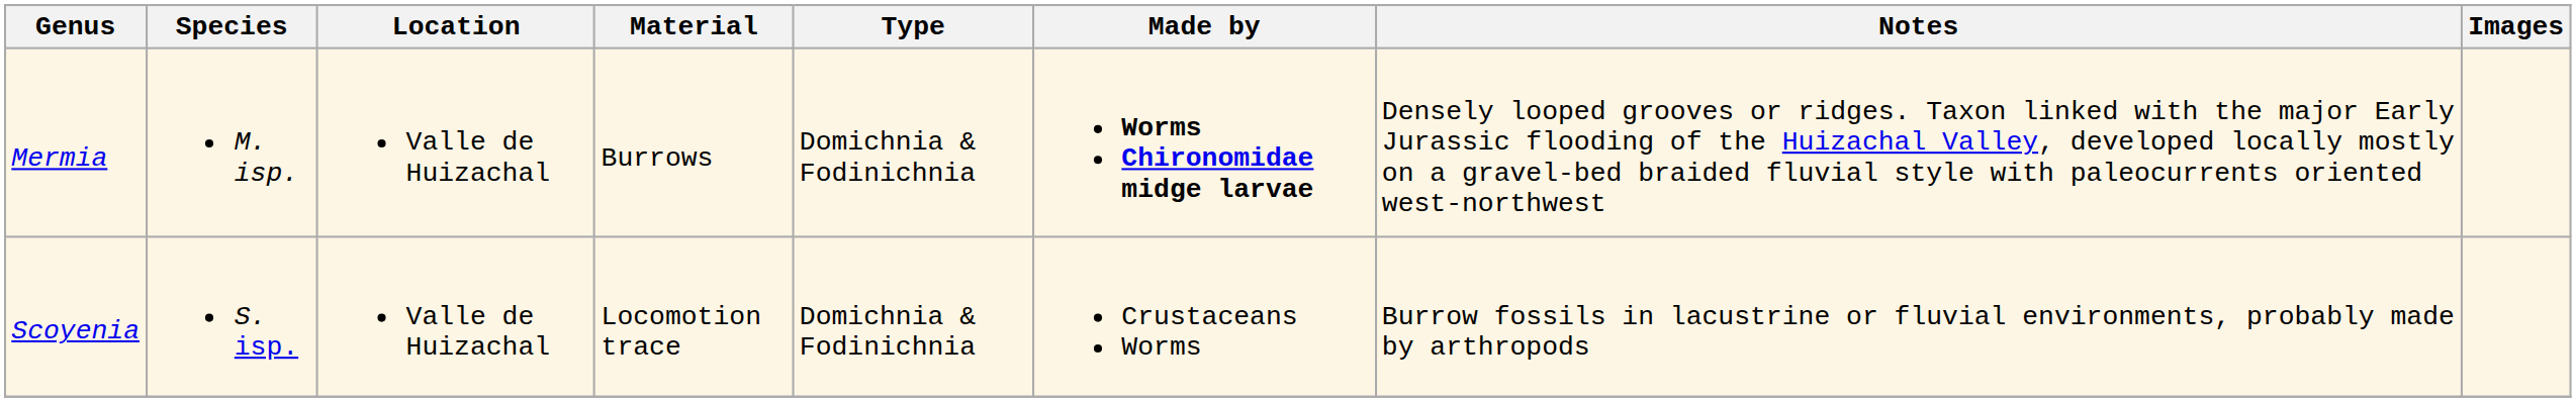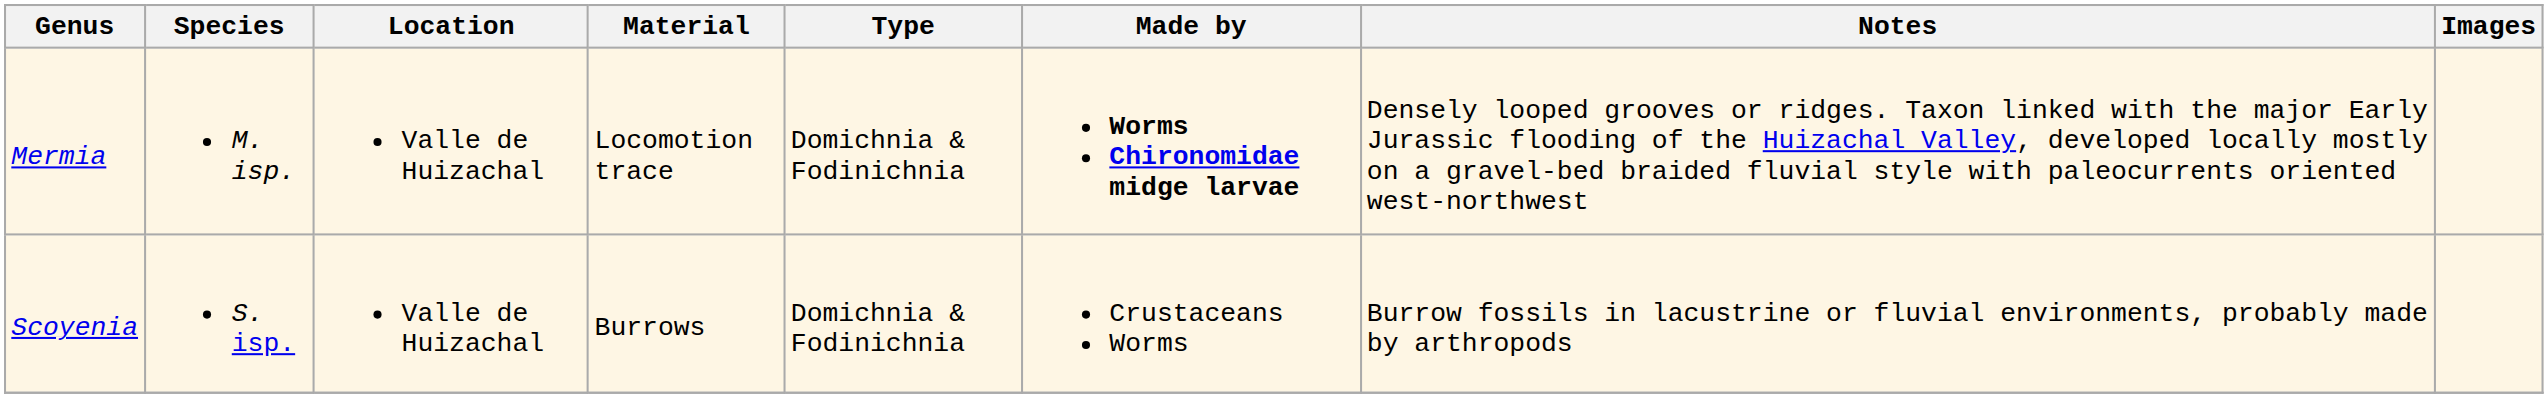 <table class = "wikitable">
 <tr>
 <th>Genus</th>
 <th>Species</th>
 <th>Location</th>
 <th>Material</th>
 <th>Type</th>
 <th>Made by</th>
 <th>Notes</th>
 <th>Images</th>
 </tr>
 <tr>
 <td style="background:#FEF6E4;"><br><em><a href='#'>Mermia</a></em></td>
 <td style="background:#FEF6E4;"><br><ul><li><em>M. isp.</em></li></ul></td>
 <td style="background:#FEF6E4;"><br><ul><li>Valle de Huizachal</li></ul></td>
-<td style="background:#FEF6E4;"><br>Burrows</td>
+<td style="background:#FEF6E4;"><br>Locomotion trace</td>
 <td style="background:#FEF6E4;"><br>Domichnia & Fodinichnia</td>
 <td style="background:#FEF6E4;"><strong><br><ul><li>Worms</li><li><a href='#'>Chironomidae</a> midge larvae</li></ul></strong></td>
 <td style="background:#FEF6E4;"><br>Densely looped grooves or ridges. Taxon linked with the major Early Jurassic flooding of the <a href='#'>Huizachal Valley</a>, developed locally mostly on a gravel-bed braided fluvial style with paleocurrents oriented west-northwest</td>
 <td style="background:#FEF6E4;"></td>
 </tr>
 <tr>
 <td style="background:#FEF6E4;"><br><em><a href='#'>Scoyenia</a></em></td>
 <td style="background:#FEF6E4;"><br><ul><li><em>S.</em> <a href='#'>isp.</a></li></ul></td>
 <td style="background:#FEF6E4;"><br><ul><li>Valle de Huizachal</li></ul></td>
-<td style="background:#FEF6E4;"><br>Locomotion trace</td>
+<td style="background:#FEF6E4;"><br>Burrows</td>
 <td style="background:#FEF6E4;"><br>Domichnia & Fodinichnia</td>
 <td style="background:#FEF6E4;"><br><ul><li>Crustaceans</li><li>Worms</li></ul></td>
 <td style="background:#FEF6E4;"><br>Burrow fossils in lacustrine or fluvial environments, probably made by arthropods</td>
 <td style="background:#FEF6E4;"></td>
 </tr>
 <tr>
 </tr>
 </table>
